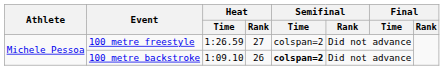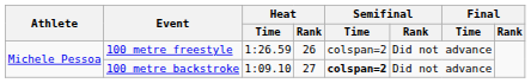 <table class=wikitable style="font-size:90%">
 <tr>
 <th rowspan="2">Athlete</th>
 <th rowspan="2">Event</th>
 <th colspan="2">Heat</th>
 <th colspan="2">Semifinal</th>
 <th colspan="2">Final</th>
 </tr>
 <tr style="font-size:95%">
 <th>Time</th>
 <th>Rank</th>
 <th>Time</th>
 <th>Rank</th>
 <th>Time</th>
 <th>Rank</th>
 </tr>
 <tr align=center>
 <td align=left rowspan=2><a href='#'>Michele Pessoa</a></td>
 <td align=left><a href='#'>100 metre freestyle</a></td>
 <td>1:26.59</td>
-<td>27</td>
+<td>26</td>
 <td>colspan=2 </td>
 <td colspan=2 align=center>Did not advance</td>
 </tr>
 <tr align=center>
 <td align=left><a href='#'>100 metre backstroke</a></td>
 <td>1:09.10</td>
-<td>26</td>
+<td>27</td>
 <td><strong>colspan=2 </strong></td>
 <td colspan=2 align=center>Did not advance</td>
 </tr>
 </table>
